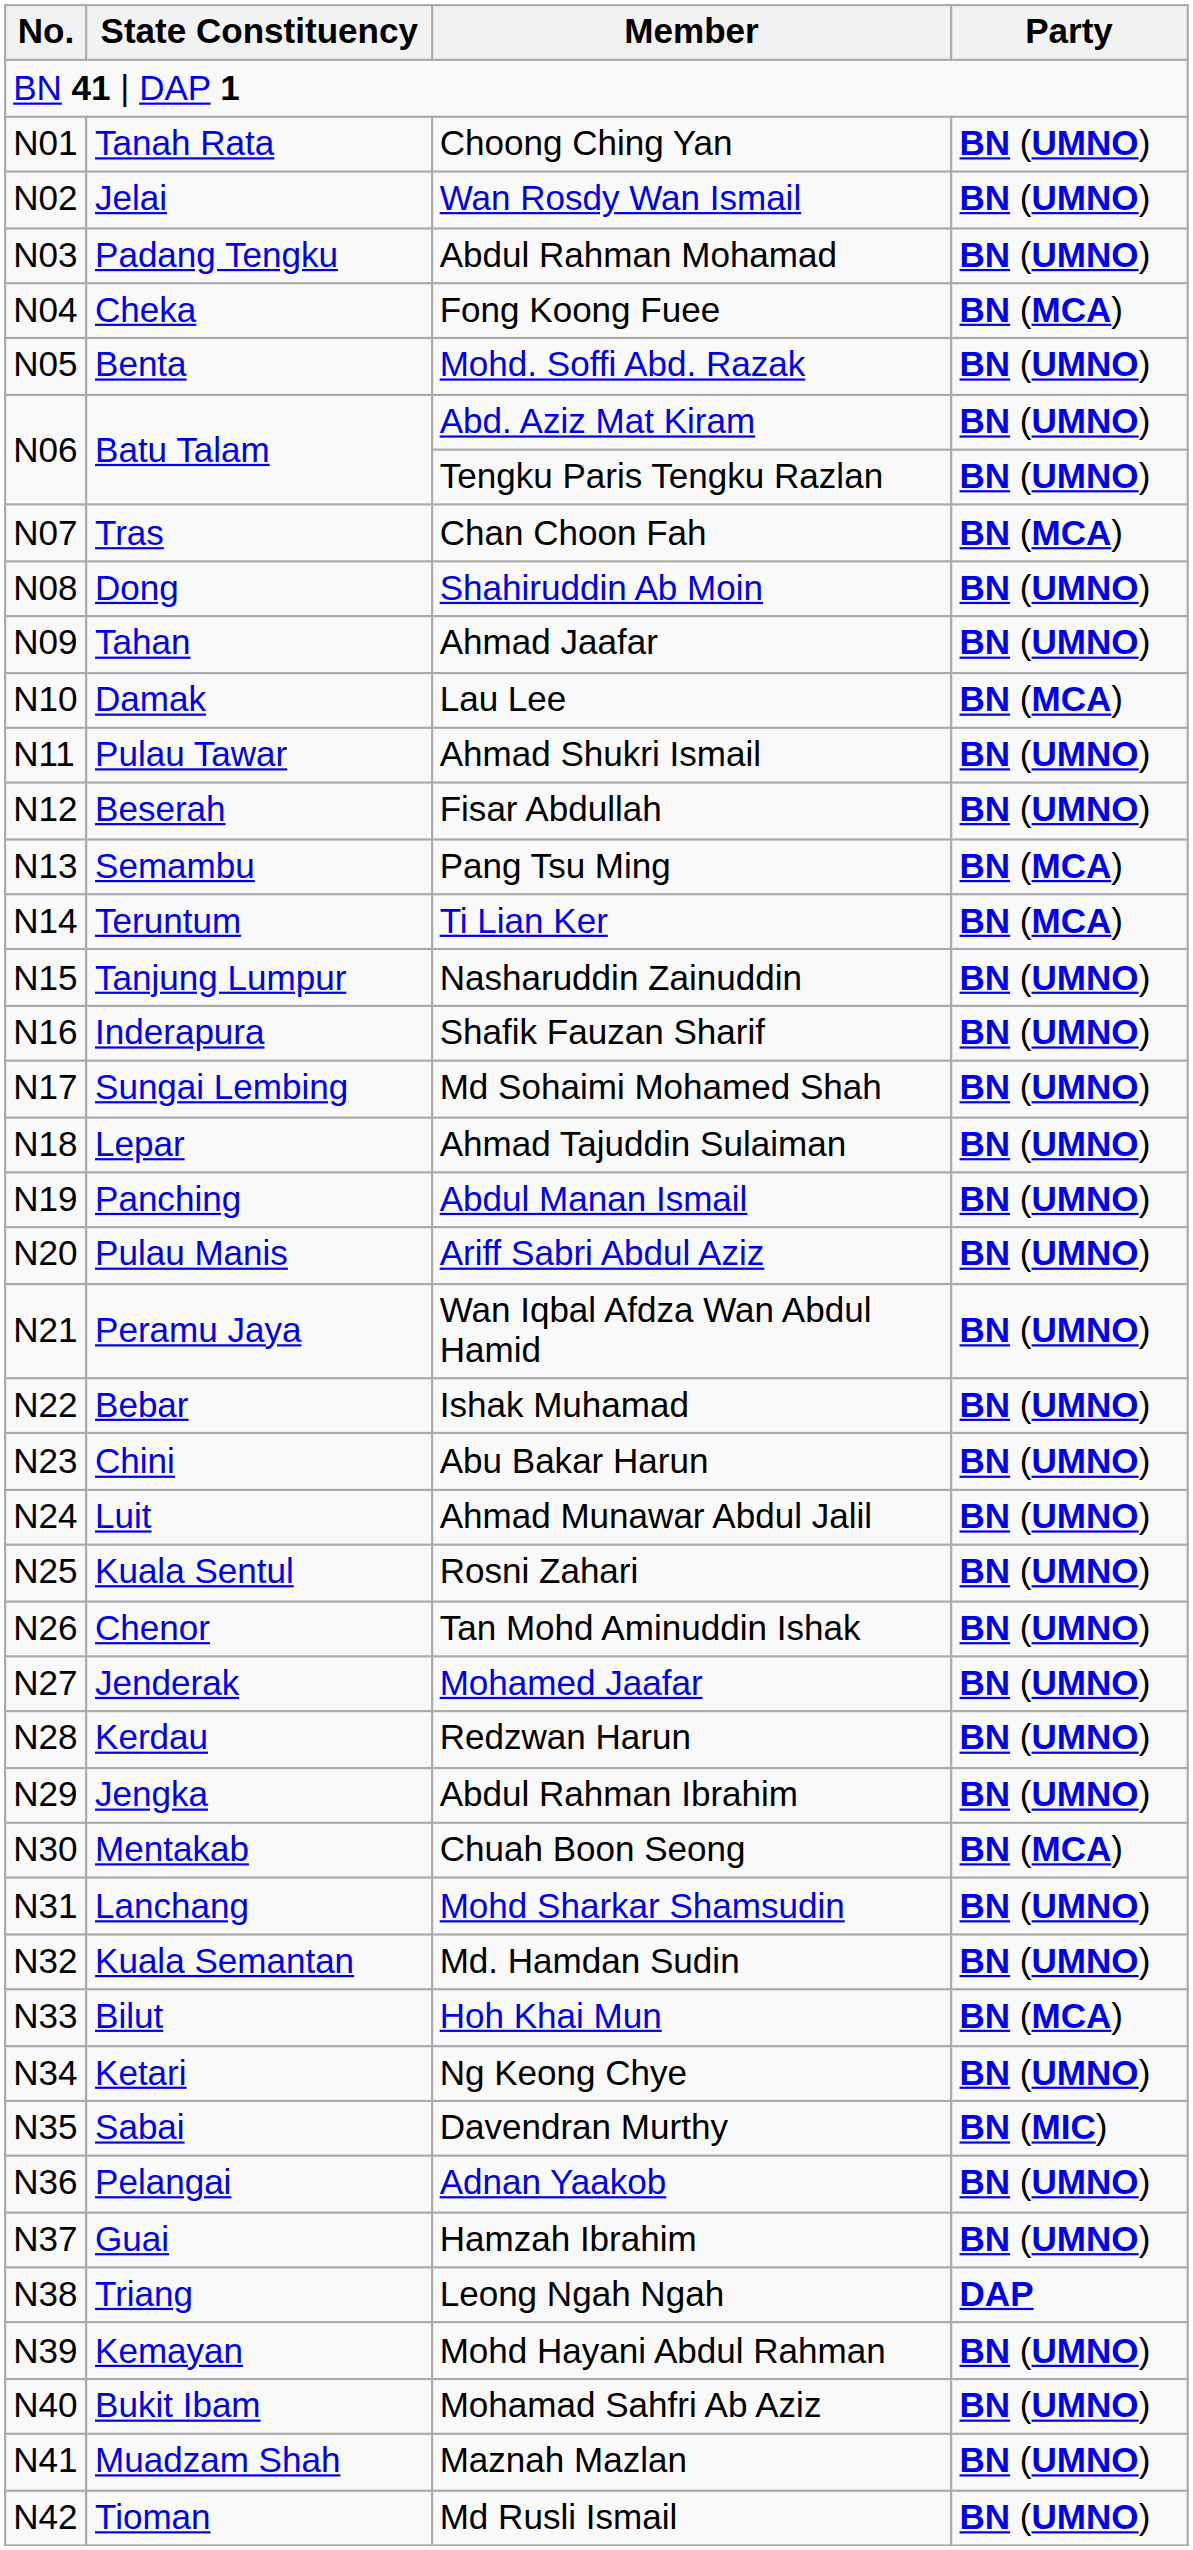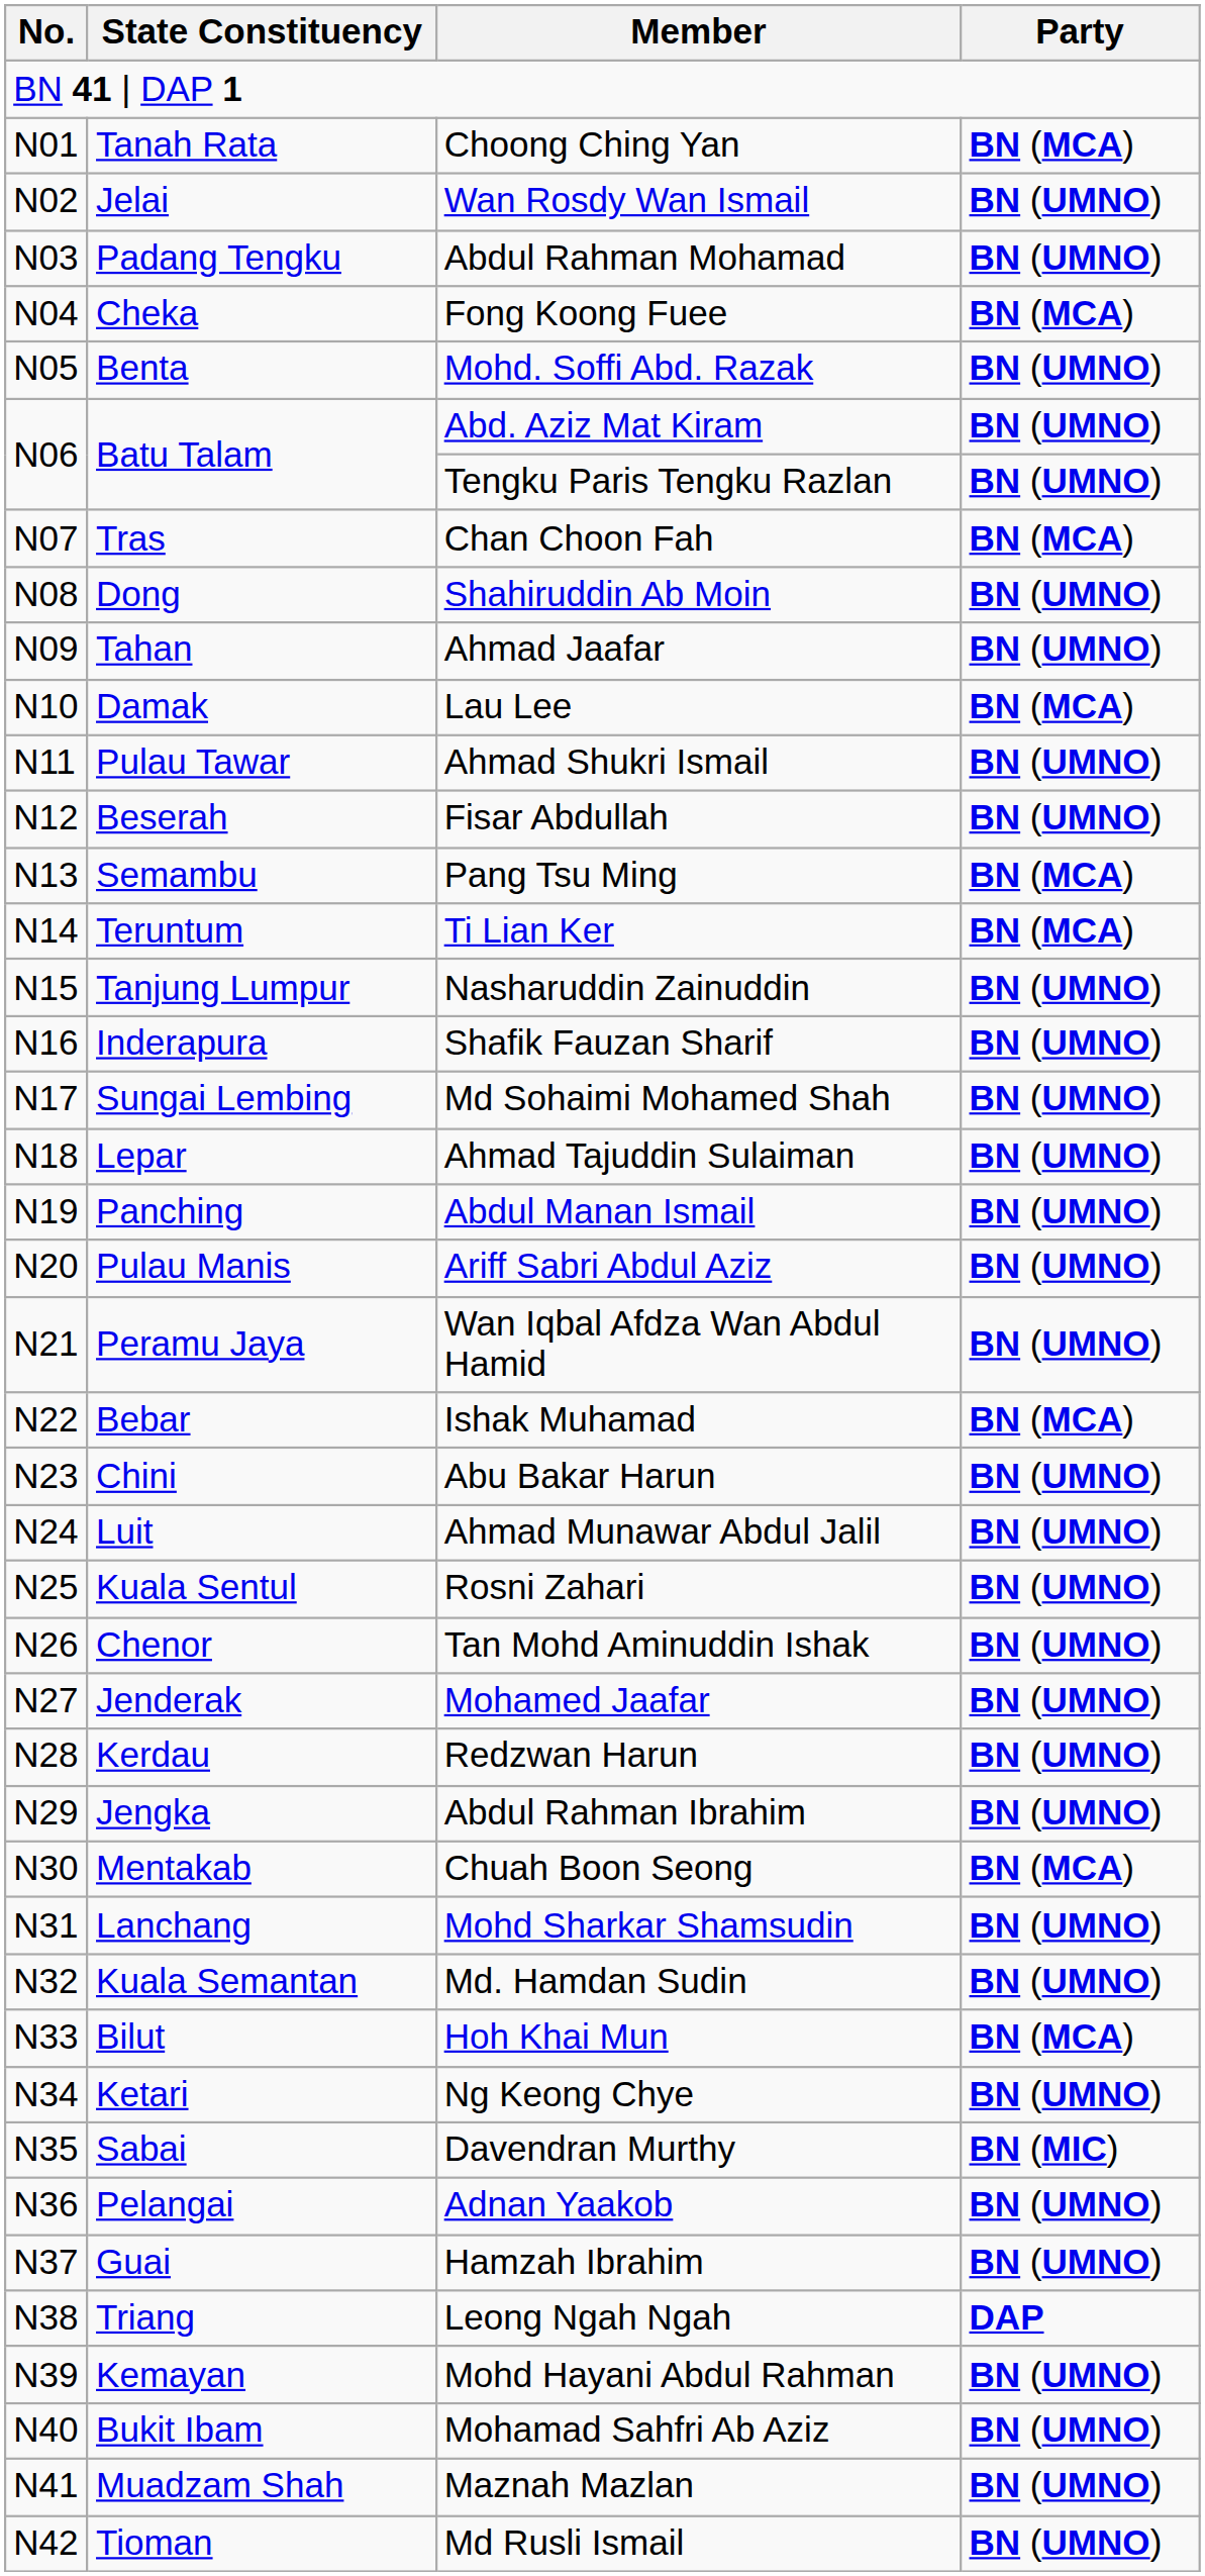 <table class="wikitable sortable">
 <tr>
 <th style="width:30px;">No.</th>
 <th style="width:150px;">State Constituency</th>
 <th style="width:230px;">Member</th>
 <th style="width:100px;">Party</th>
 </tr>
 <tr>
 <td colspan="4"><a href='#'>BN</a> <strong>41</strong> | <a href='#'>DAP</a> <strong>1</strong></td>
 </tr>
 <tr>
 <td>N01</td>
 <td><a href='#'>Tanah Rata</a></td>
 <td>Choong Ching Yan</td>
-<td><strong><a href='#'>BN</a></strong> (<strong><a href='#'>UMNO</a></strong>)</td>
+<td><strong><a href='#'>BN</a></strong> (<strong><a href='#'>MCA</a></strong>)</td>
 </tr>
 <tr>
 <td>N02</td>
 <td><a href='#'>Jelai</a></td>
 <td><a href='#'>Wan Rosdy Wan Ismail</a></td>
 <td><strong><a href='#'>BN</a></strong> (<strong><a href='#'>UMNO</a></strong>)</td>
 </tr>
 <tr>
 <td>N03</td>
 <td><a href='#'>Padang Tengku</a></td>
 <td>Abdul Rahman Mohamad</td>
 <td><strong><a href='#'>BN</a></strong> (<strong><a href='#'>UMNO</a></strong>)</td>
 </tr>
 <tr>
 <td>N04</td>
 <td><a href='#'>Cheka</a></td>
 <td>Fong Koong Fuee</td>
 <td><strong><a href='#'>BN</a></strong> (<strong><a href='#'>MCA</a></strong>)</td>
 </tr>
 <tr>
 <td>N05</td>
 <td><a href='#'>Benta</a></td>
 <td><a href='#'>Mohd. Soffi Abd. Razak</a></td>
 <td><strong><a href='#'>BN</a></strong> (<strong><a href='#'>UMNO</a></strong>)</td>
 </tr>
 <tr>
 <td rowspan=2>N06</td>
 <td rowspan=2><a href='#'>Batu Talam</a></td>
 <td><a href='#'>Abd. Aziz Mat Kiram</a> </td>
 <td><strong><a href='#'>BN</a></strong> (<strong><a href='#'>UMNO</a></strong>)</td>
 </tr>
 <tr>
 <td>Tengku Paris Tengku Razlan </td>
 <td><strong><a href='#'>BN</a></strong> (<strong><a href='#'>UMNO</a></strong>)</td>
 </tr>
 <tr>
 <td>N07</td>
 <td><a href='#'>Tras</a></td>
 <td>Chan Choon Fah</td>
 <td><strong><a href='#'>BN</a></strong> (<strong><a href='#'>MCA</a></strong>)</td>
 </tr>
 <tr>
 <td>N08</td>
 <td><a href='#'>Dong</a></td>
 <td><a href='#'>Shahiruddin Ab Moin</a></td>
 <td><strong><a href='#'>BN</a></strong> (<strong><a href='#'>UMNO</a></strong>)</td>
 </tr>
 <tr>
 <td>N09</td>
 <td><a href='#'>Tahan</a></td>
 <td>Ahmad Jaafar</td>
 <td><strong><a href='#'>BN</a></strong> (<strong><a href='#'>UMNO</a></strong>)</td>
 </tr>
 <tr>
 <td>N10</td>
 <td><a href='#'>Damak</a></td>
 <td>Lau Lee</td>
 <td><strong><a href='#'>BN</a></strong> (<strong><a href='#'>MCA</a></strong>)</td>
 </tr>
 <tr>
 <td>N11</td>
 <td><a href='#'>Pulau Tawar</a></td>
 <td>Ahmad Shukri Ismail</td>
 <td><strong><a href='#'>BN</a></strong> (<strong><a href='#'>UMNO</a></strong>)</td>
 </tr>
 <tr>
 <td>N12</td>
 <td><a href='#'>Beserah</a></td>
 <td>Fisar Abdullah</td>
 <td><strong><a href='#'>BN</a></strong> (<strong><a href='#'>UMNO</a></strong>)</td>
 </tr>
 <tr>
 <td>N13</td>
 <td><a href='#'>Semambu</a></td>
 <td>Pang Tsu Ming</td>
 <td><strong><a href='#'>BN</a></strong> (<strong><a href='#'>MCA</a></strong>)</td>
 </tr>
 <tr>
 <td>N14</td>
 <td><a href='#'>Teruntum</a></td>
 <td><a href='#'>Ti Lian Ker</a></td>
 <td><strong><a href='#'>BN</a></strong> (<strong><a href='#'>MCA</a></strong>)</td>
 </tr>
 <tr>
 <td>N15</td>
 <td><a href='#'>Tanjung Lumpur</a></td>
 <td>Nasharuddin Zainuddin</td>
 <td><strong><a href='#'>BN</a></strong> (<strong><a href='#'>UMNO</a></strong>)</td>
 </tr>
 <tr>
 <td>N16</td>
 <td><a href='#'>Inderapura</a></td>
 <td>Shafik Fauzan Sharif</td>
 <td><strong><a href='#'>BN</a></strong> (<strong><a href='#'>UMNO</a></strong>)</td>
 </tr>
 <tr>
 <td>N17</td>
 <td><a href='#'>Sungai Lembing</a></td>
 <td>Md Sohaimi Mohamed Shah</td>
 <td><strong><a href='#'>BN</a></strong> (<strong><a href='#'>UMNO</a></strong>)</td>
 </tr>
 <tr>
 <td>N18</td>
 <td><a href='#'>Lepar</a></td>
 <td>Ahmad Tajuddin Sulaiman</td>
 <td><strong><a href='#'>BN</a></strong> (<strong><a href='#'>UMNO</a></strong>)</td>
 </tr>
 <tr>
 <td>N19</td>
 <td><a href='#'>Panching</a></td>
 <td><a href='#'>Abdul Manan Ismail</a></td>
 <td><strong><a href='#'>BN</a></strong> (<strong><a href='#'>UMNO</a></strong>)</td>
 </tr>
 <tr>
 <td>N20</td>
 <td><a href='#'>Pulau Manis</a></td>
 <td><a href='#'>Ariff Sabri Abdul Aziz</a></td>
 <td><strong><a href='#'>BN</a></strong> (<strong><a href='#'>UMNO</a></strong>)</td>
 </tr>
 <tr>
 <td>N21</td>
 <td><a href='#'>Peramu Jaya</a></td>
 <td>Wan Iqbal Afdza Wan Abdul Hamid</td>
 <td><strong><a href='#'>BN</a></strong> (<strong><a href='#'>UMNO</a></strong>)</td>
 </tr>
 <tr>
 <td>N22</td>
 <td><a href='#'>Bebar</a></td>
 <td>Ishak Muhamad</td>
-<td><strong><a href='#'>BN</a></strong> (<strong><a href='#'>UMNO</a></strong>)</td>
+<td><strong><a href='#'>BN</a></strong> (<strong><a href='#'>MCA</a></strong>)</td>
 </tr>
 <tr>
 <td>N23</td>
 <td><a href='#'>Chini</a></td>
 <td>Abu Bakar Harun</td>
 <td><strong><a href='#'>BN</a></strong> (<strong><a href='#'>UMNO</a></strong>)</td>
 </tr>
 <tr>
 <td>N24</td>
 <td><a href='#'>Luit</a></td>
 <td>Ahmad Munawar Abdul Jalil</td>
 <td><strong><a href='#'>BN</a></strong> (<strong><a href='#'>UMNO</a></strong>)</td>
 </tr>
 <tr>
 <td>N25</td>
 <td><a href='#'>Kuala Sentul</a></td>
 <td>Rosni Zahari</td>
 <td><strong><a href='#'>BN</a></strong> (<strong><a href='#'>UMNO</a></strong>)</td>
 </tr>
 <tr>
 <td>N26</td>
 <td><a href='#'>Chenor</a></td>
 <td>Tan Mohd Aminuddin Ishak</td>
 <td><strong><a href='#'>BN</a></strong> (<strong><a href='#'>UMNO</a></strong>)</td>
 </tr>
 <tr>
 <td>N27</td>
 <td><a href='#'>Jenderak</a></td>
 <td><a href='#'>Mohamed Jaafar</a></td>
 <td><strong><a href='#'>BN</a></strong> (<strong><a href='#'>UMNO</a></strong>)</td>
 </tr>
 <tr>
 <td>N28</td>
 <td><a href='#'>Kerdau</a></td>
 <td>Redzwan Harun</td>
 <td><strong><a href='#'>BN</a></strong> (<strong><a href='#'>UMNO</a></strong>)</td>
 </tr>
 <tr>
 <td>N29</td>
 <td><a href='#'>Jengka</a></td>
 <td>Abdul Rahman Ibrahim</td>
 <td><strong><a href='#'>BN</a></strong> (<strong><a href='#'>UMNO</a></strong>)</td>
 </tr>
 <tr>
 <td>N30</td>
 <td><a href='#'>Mentakab</a></td>
 <td>Chuah Boon Seong</td>
 <td><strong><a href='#'>BN</a></strong> (<strong><a href='#'>MCA</a></strong>)</td>
 </tr>
 <tr>
 <td>N31</td>
 <td><a href='#'>Lanchang</a></td>
 <td><a href='#'>Mohd Sharkar Shamsudin</a></td>
 <td><strong><a href='#'>BN</a></strong> (<strong><a href='#'>UMNO</a></strong>)</td>
 </tr>
 <tr>
 <td>N32</td>
 <td><a href='#'>Kuala Semantan</a></td>
 <td>Md. Hamdan Sudin</td>
 <td><strong><a href='#'>BN</a></strong> (<strong><a href='#'>UMNO</a></strong>)</td>
 </tr>
 <tr>
 <td>N33</td>
 <td><a href='#'>Bilut</a></td>
 <td><a href='#'>Hoh Khai Mun</a></td>
 <td><strong><a href='#'>BN</a></strong> (<strong><a href='#'>MCA</a></strong>)</td>
 </tr>
 <tr>
 <td>N34</td>
 <td><a href='#'>Ketari</a></td>
 <td>Ng Keong Chye</td>
 <td><strong><a href='#'>BN</a></strong> (<strong><a href='#'>UMNO</a></strong>)</td>
 </tr>
 <tr>
 <td>N35</td>
 <td><a href='#'>Sabai</a></td>
 <td>Davendran Murthy</td>
 <td><strong><a href='#'>BN</a></strong> (<strong><a href='#'>MIC</a></strong>)</td>
 </tr>
 <tr>
 <td>N36</td>
 <td><a href='#'>Pelangai</a></td>
 <td><a href='#'>Adnan Yaakob</a></td>
 <td><strong><a href='#'>BN</a></strong> (<strong><a href='#'>UMNO</a></strong>)</td>
 </tr>
 <tr>
 <td>N37</td>
 <td><a href='#'>Guai</a></td>
 <td>Hamzah Ibrahim</td>
 <td><strong><a href='#'>BN</a></strong> (<strong><a href='#'>UMNO</a></strong>)</td>
 </tr>
 <tr>
 <td>N38</td>
 <td><a href='#'>Triang</a></td>
 <td>Leong Ngah Ngah</td>
 <td><strong><a href='#'>DAP</a></strong></td>
 </tr>
 <tr>
 <td>N39</td>
 <td><a href='#'>Kemayan</a></td>
 <td>Mohd Hayani Abdul Rahman</td>
 <td><strong><a href='#'>BN</a></strong> (<strong><a href='#'>UMNO</a></strong>)</td>
 </tr>
 <tr>
 <td>N40</td>
 <td><a href='#'>Bukit Ibam</a></td>
 <td>Mohamad Sahfri Ab Aziz</td>
 <td><strong><a href='#'>BN</a></strong> (<strong><a href='#'>UMNO</a></strong>)</td>
 </tr>
 <tr>
 <td>N41</td>
 <td><a href='#'>Muadzam Shah</a></td>
 <td>Maznah Mazlan</td>
 <td><strong><a href='#'>BN</a></strong> (<strong><a href='#'>UMNO</a></strong>)</td>
 </tr>
 <tr>
 <td>N42</td>
 <td><a href='#'>Tioman</a></td>
 <td>Md Rusli Ismail</td>
 <td><strong><a href='#'>BN</a></strong> (<strong><a href='#'>UMNO</a></strong>)</td>
 </tr>
 </table>
